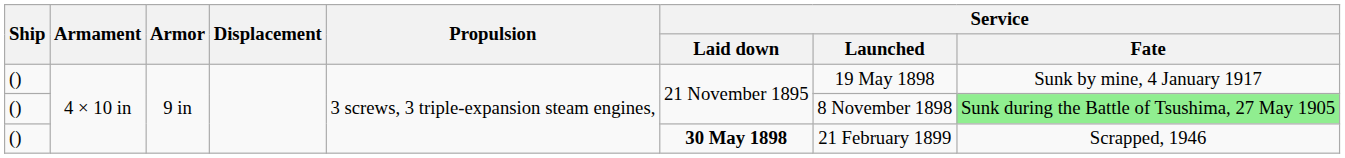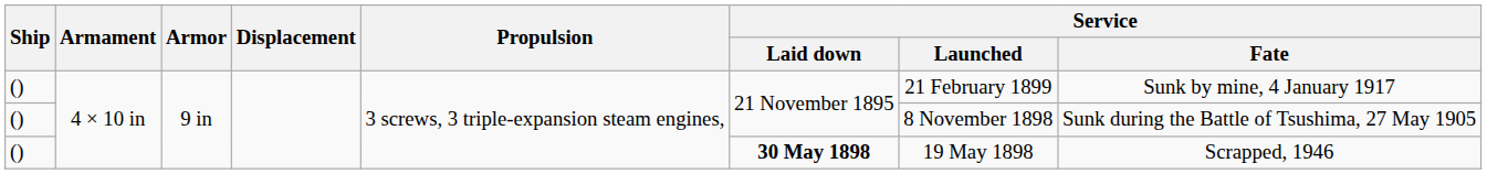 <table class="wikitable">
 <tr valign="center">
 <th align= center rowspan=2>Ship</th>
 <th align= center rowspan=2>Armament</th>
 <th align= center rowspan=2>Armor</th>
 <th align= center rowspan=2>Displacement</th>
 <th align= center rowspan=2>Propulsion</th>
 <th align= center colspan=3>Service</th>
 </tr>
 <tr valign="top">
 <th align= center>Laid down</th>
 <th align= center>Launched</th>
 <th align= center>Fate</th>
 </tr>
 <tr valign="center">
 <td align= left> ()</td>
 <td align= center rowspan=3>4 × 10 in</td>
 <td align= center rowspan=3>9 in</td>
 <td align= center rowspan=3></td>
 <td align= center rowspan=3>3 screws, 3 triple-expansion steam engines, </td>
 <td align= center rowspan=2>21 November 1895</td>
-<td align= center>19 May 1898</td>
+<td align= center>21 February 1899</td>
 <td align= center>Sunk by mine, 4 January 1917</td>
 </tr>
 <tr valign="center">
 <td align= left> ()</td>
 <td align= center>8 November 1898</td>
-<td align= center style="background: lightgreen;">Sunk during the Battle of Tsushima, 27 May 1905</td>
+<td align= center>Sunk during the Battle of Tsushima, 27 May 1905</td>
 </tr>
 <tr valign="center">
 <td align= left> ()</td>
 <td align= center><strong>30 May 1898</strong></td>
-<td align= center>21 February 1899</td>
+<td align= center>19 May 1898</td>
 <td align= center>Scrapped, 1946</td>
 </tr>
 </table>
